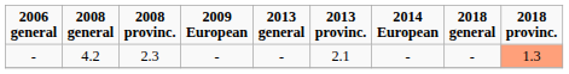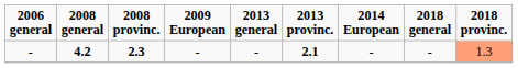 <table class="wikitable" style="text-align:center">
 <tr>
 <td><strong>2006 general</strong></td>
 <td><strong>2008 general</strong></td>
 <td><strong>2008 provinc.</strong></td>
 <td><strong>2009 European</strong></td>
 <td><strong>2013 general</strong></td>
 <td><strong>2013 provinc.</strong></td>
 <td><strong>2014 European</strong></td>
 <td><strong>2018 general</strong></td>
 <td><strong>2018 provinc.</strong></td>
 </tr>
 <tr>
 <td>-</td>
-<td>4.2</td>
-<td>2.3</td>
+<td><strong>4.2</strong></td>
+<td><strong>2.3</strong></td>
 <td>-</td>
 <td>-</td>
-<td>2.1</td>
+<td><strong>2.1</strong></td>
 <td>-</td>
 <td>-</td>
 <td style="background: lightsalmon;">1.3</td>
 </tr>
 <tr>
 </tr>
 </table>
